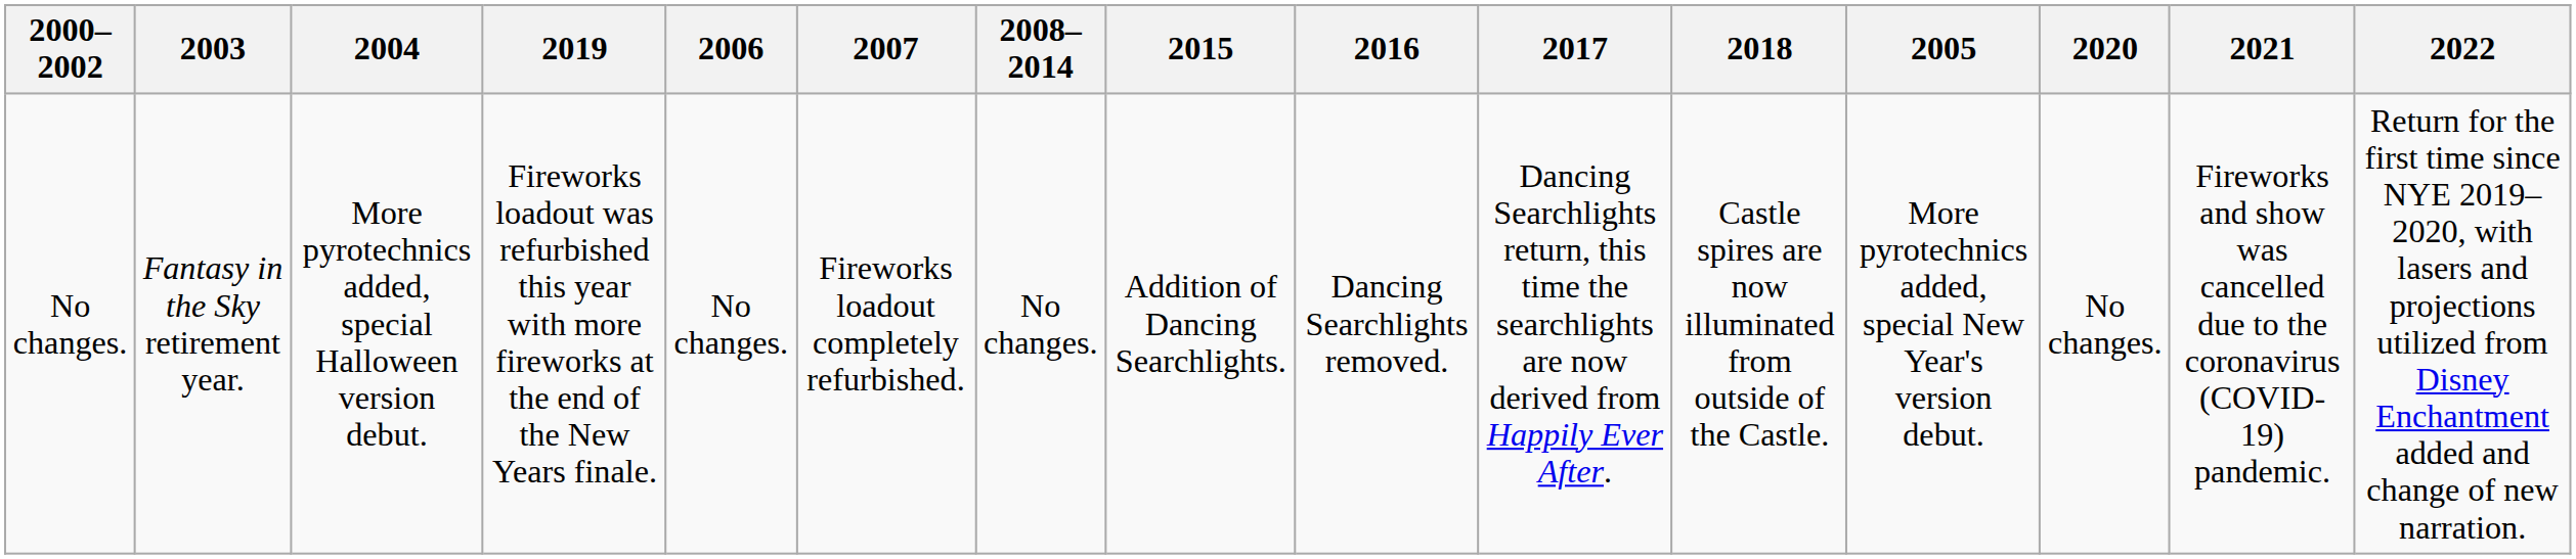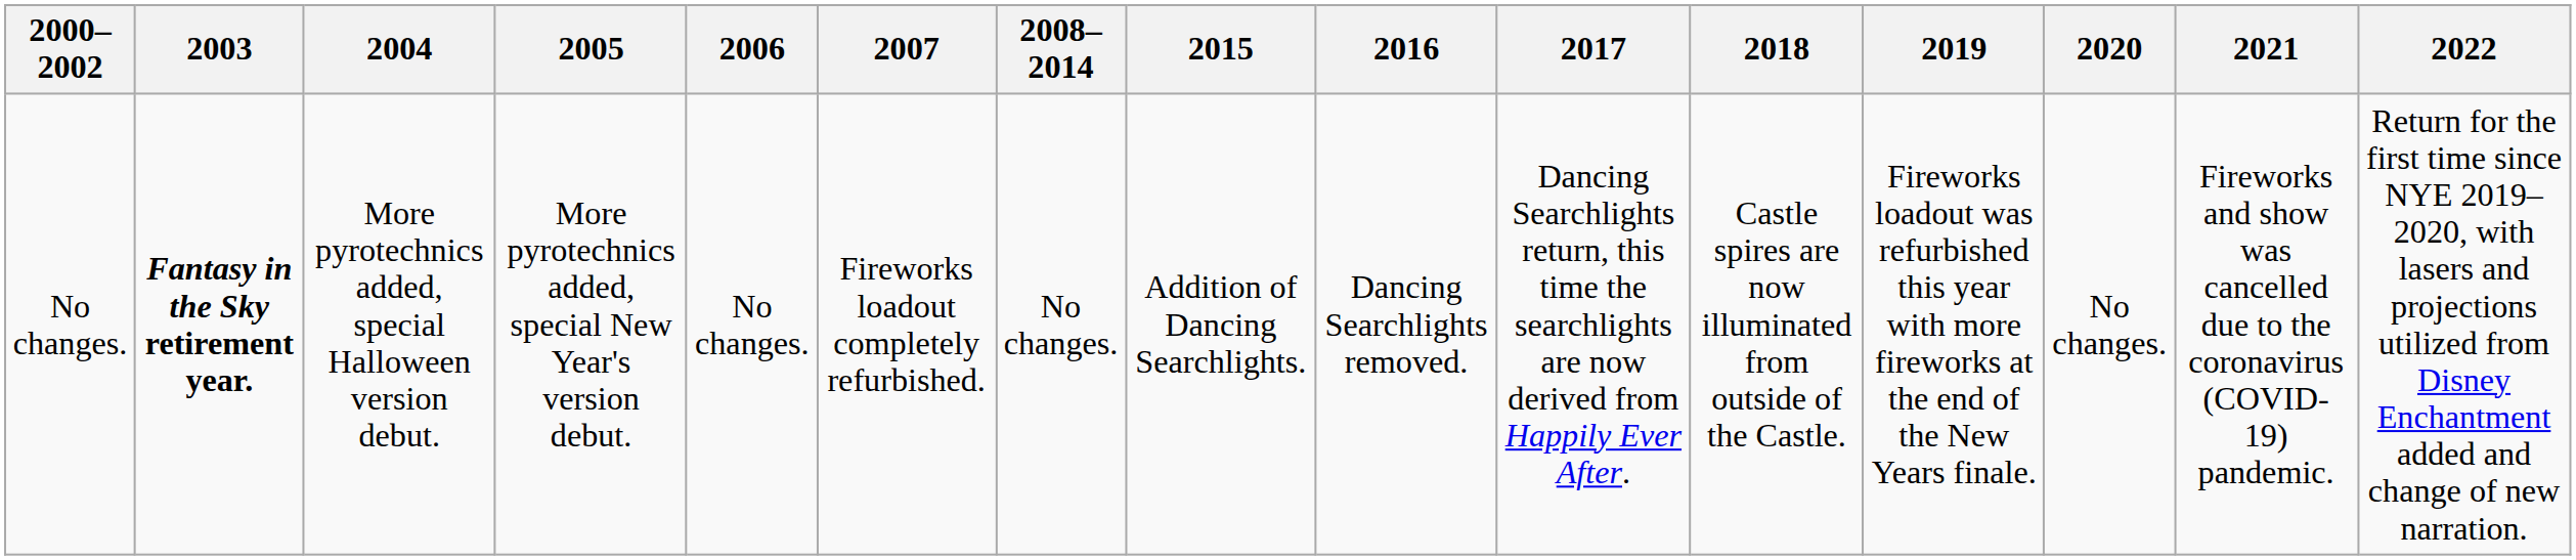 <table class="wikitable" style="text-align:center">
 <tr>
 <th>2000–2002</th>
 <th>2003</th>
 <th>2004</th>
-<th>2019</th>
+<th>2005</th>
 <th>2006</th>
 <th>2007</th>
 <th>2008–2014</th>
 <th>2015</th>
 <th>2016</th>
 <th>2017</th>
 <th>2018</th>
-<th>2005</th>
+<th>2019</th>
 <th>2020</th>
 <th>2021</th>
 <th>2022</th>
 </tr>
 <tr>
 <td>No changes.</td>
-<td><em>Fantasy in the Sky</em> retirement year.</td>
+<td><strong><em>Fantasy in the Sky</em> retirement year.</strong></td>
 <td>More pyrotechnics added, special Halloween version debut.</td>
-<td>Fireworks loadout was refurbished this year with more fireworks at the end of the New Years finale.</td>
+<td>More pyrotechnics added, special New Year's version debut.</td>
 <td>No changes.</td>
 <td>Fireworks loadout completely refurbished.</td>
 <td>No changes.</td>
 <td>Addition of Dancing Searchlights.</td>
 <td>Dancing Searchlights removed.</td>
 <td>Dancing Searchlights return, this time the searchlights are now derived from <em><a href='#'>Happily Ever After</a></em>.</td>
 <td>Castle spires are now illuminated from outside of the Castle.</td>
-<td>More pyrotechnics added, special New Year's version debut.</td>
+<td>Fireworks loadout was refurbished this year with more fireworks at the end of the New Years finale.</td>
 <td>No changes.</td>
 <td>Fireworks and show was cancelled due to the coronavirus (COVID-19) pandemic.</td>
 <td>Return for the first time since NYE 2019–2020, with lasers and projections utilized from <a href='#'>Disney Enchantment</a> added and change of new narration.</td>
 </tr>
 </table>
